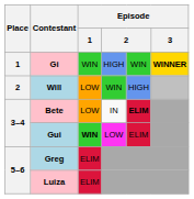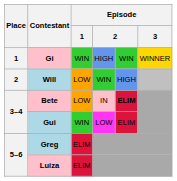 <table class="wikitable" style="text-align: center; font-size: 8pt; line-height:25px;">
 <tr>
 <th rowspan="02">Place</th>
 <th rowspan="02">Contestant</th>
 <th colspan="7">Episode</th>
 </tr>
 <tr>
 <th>1</th>
 <th colspan=2>2</th>
 <th>3</th>
 </tr>
 <tr>
 <th>1</th>
 <td style="background:#FFC0CB"><strong>Gi</strong></td>
 <td bgcolor="32CD32">WIN</td>
 <td bgcolor="6495ED">HIGH</td>
 <td bgcolor="32CD32">WIN</td>
-<td bgcolor="#FFD700"><strong>WINNER</strong></td>
+<td bgcolor="#FFD700">WINNER</td>
 </tr>
 <tr>
 <th>2</th>
 <td style="background:#ADD8E6"><strong>Will</strong></td>
 <td bgcolor="FFA500">LOW</td>
 <td bgcolor="32CD32">WIN</td>
 <td bgcolor="6495ED">HIGH</td>
 <td bgcolor="#C0C0C0"></td>
 </tr>
 <tr>
 <th rowspan=2>3–4</th>
 <td style="background:#FFC0CB"><strong>Bete</strong></td>
 <td bgcolor="FFA500">LOW</td>
-<td>IN</td>
+<td style="background: pink;">IN</td>
 <td bgcolor="DC143C"><strong>ELIM</strong></td>
 <td bgcolor="A9A9A9"></td>
 </tr>
 <tr>
 <td style="background:#ADD8E6"><strong>Gui</strong></td>
-<td bgcolor="32CD32"><strong>WIN</strong></td>
+<td bgcolor="32CD32">WIN</td>
 <td bgcolor="FF35F3">LOW</td>
 <td bgcolor="DC143C">ELIM</td>
 <td bgcolor="A9A9A9"></td>
 </tr>
 <tr>
 <th rowspan=2>5–6</th>
 <td style="background:#ADD8E6"><strong>Greg</strong></td>
 <td bgcolor="DC143C">ELIM</td>
 <td colspan="3" bgcolor="A9A9A9"></td>
 </tr>
 <tr>
 <td style="background:#FFC0CB"><strong>Luiza</strong></td>
 <td bgcolor="DC143C">ELIM</td>
 <td colspan="3" bgcolor="A9A9A9"></td>
 </tr>
 </table>
